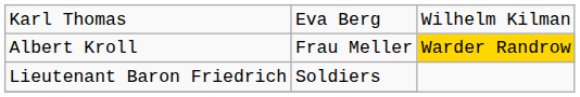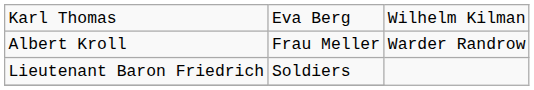 <table class="wikitable">
 <tr>
 <td>Karl Thomas</td>
 <td>Eva Berg</td>
 <td>Wilhelm Kilman</td>
 </tr>
 <tr>
 <td>Albert Kroll</td>
 <td>Frau Meller</td>
-<td style="background: gold;">Warder Randrow</td>
+<td>Warder Randrow</td>
 </tr>
 <tr>
 <td>Lieutenant Baron Friedrich</td>
 <td>Soldiers</td>
 </tr>
 <tr>
 </tr>
 </table>
